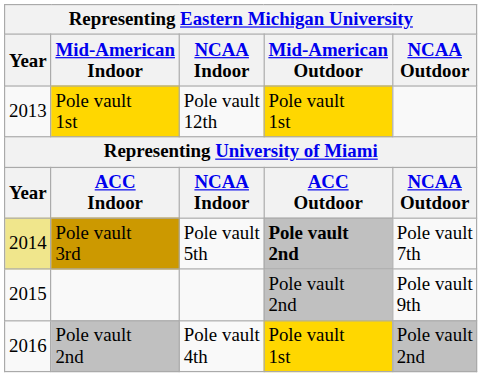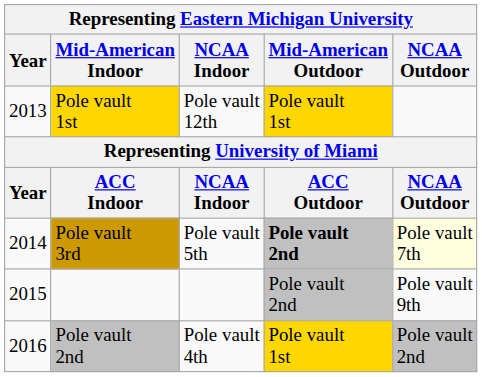 <table class="wikitable sortable">
 <tr>
 <th colspan="7">Representing <a href='#'>Eastern Michigan University</a></th>
 </tr>
 <tr>
 <th>Year</th>
 <th><a href='#'>Mid-American</a><br>Indoor</th>
 <th><a href='#'>NCAA</a><br>Indoor</th>
 <th><a href='#'>Mid-American</a><br>Outdoor</th>
 <th><a href='#'>NCAA</a><br>Outdoor</th>
 </tr>
 <tr>
 <td>2013</td>
 <td bgcolor=gold>Pole vault<br> 1st</td>
 <td>Pole vault<br> 12th</td>
 <td bgcolor=gold>Pole vault<br> 1st</td>
 <td></td>
 </tr>
 <tr>
 <th colspan="7">Representing <a href='#'>University of Miami</a></th>
 </tr>
 <tr>
 <th>Year</th>
 <th><a href='#'>ACC</a><br>Indoor</th>
 <th><a href='#'>NCAA</a><br>Indoor</th>
 <th><a href='#'>ACC</a><br>Outdoor</th>
 <th><a href='#'>NCAA</a><br>Outdoor</th>
 </tr>
 <tr>
-<td style="background: khaki;">2014</td>
+<td>2014</td>
 <td bgcolor=cc9900>Pole vault<br> 3rd</td>
 <td>Pole vault<br> 5th</td>
 <td bgcolor=silver><strong>Pole vault<br> 2nd</strong></td>
-<td>Pole vault<br> 7th</td>
+<td style="background: lightyellow;">Pole vault<br> 7th</td>
 </tr>
 <tr>
 <td>2015</td>
 <td></td>
 <td></td>
 <td bgcolor=silver>Pole vault<br> 2nd</td>
 <td>Pole vault<br> 9th</td>
 </tr>
 <tr>
 <td>2016</td>
 <td bgcolor=silver>Pole vault<br> 2nd</td>
 <td>Pole vault<br> 4th</td>
 <td bgcolor=gold>Pole vault<br> 1st</td>
 <td bgcolor=silver>Pole vault<br> 2nd</td>
 </tr>
 </table>
